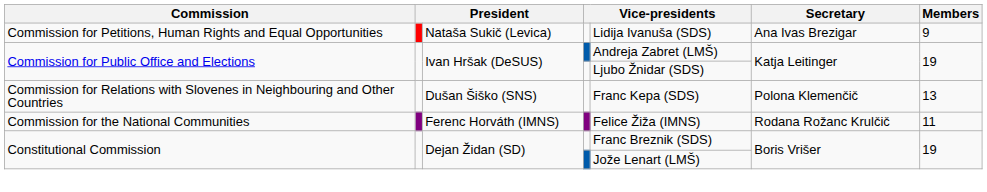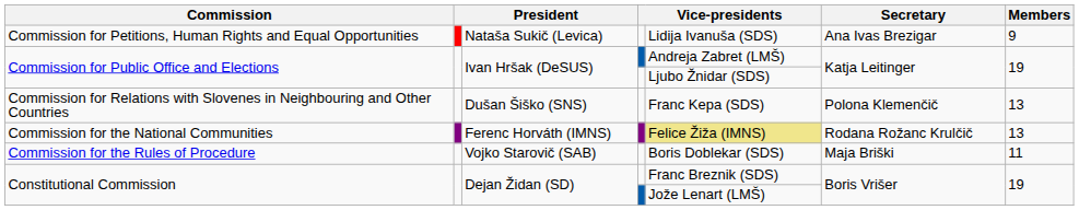 <table class="wikitable" style="line-height:16px;">
 <tr>
 <th style="width:500px;">Commission</th>
 <th colspan="2" style="width:200px;">President</th>
 <th colspan="2" style="width:200px;">Vice-presidents</th>
 <th style="width:200px;">Secretary</th>
 <th>Members</th>
 </tr>
 <tr>
 <td>Commission for Petitions, Human Rights and Equal Opportunities</td>
 <td style="background:red; width:1px;"></td>
 <td>Nataša Sukič (Levica)</td>
 <td style="width:1px;background:"></td>
 <td>Lidija Ivanuša (SDS)</td>
 <td>Ana Ivas Brezigar</td>
 <td>9</td>
 </tr>
 <tr>
 <td rowspan="2"><a href='#'>Commission for Public Office and Elections</a></td>
 <td rowspan="2" style="background:"></td>
 <td rowspan="2">Ivan Hršak (DeSUS)</td>
 <td style="background:#005bab"></td>
 <td>Andreja Zabret (LMŠ)</td>
 <td rowspan="2">Katja Leitinger</td>
 <td rowspan="2">19</td>
 </tr>
 <tr>
 <td style="background:"></td>
 <td>Ljubo Žnidar (SDS)</td>
 </tr>
 <tr>
 <td>Commission for Relations with Slovenes in Neighbouring and Other Countries</td>
 <td style="background:"></td>
 <td>Dušan Šiško (SNS)</td>
 <td style="background:"></td>
 <td>Franc Kepa (SDS)</td>
 <td>Polona Klemenčič</td>
 <td>13</td>
 </tr>
 <tr>
 <td>Commission for the National Communities</td>
 <td style="background:purple"></td>
 <td>Ferenc Horváth (IMNS)</td>
 <td style="background:purple"></td>
-<td>Felice Žiža (IMNS)</td>
+<td style="background: khaki;">Felice Žiža (IMNS)</td>
 <td>Rodana Rožanc Krulčič</td>
+<td>13</td>
+</tr>
+<tr>
+<td><a href='#'>Commission for the Rules of Procedure</a></td>
+<td style="background:"></td>
+<td>Vojko Starovič (SAB)</td>
+<td style="background:"></td>
+<td>Boris Doblekar (SDS)</td>
+<td>Maja Briški</td>
 <td>11</td>
 </tr>
 <tr>
 <td rowspan="2">Constitutional Commission</td>
 <td rowspan="2" style="background:"></td>
 <td rowspan="2">Dejan Židan (SD)</td>
 <td style="background:"></td>
 <td>Franc Breznik (SDS)</td>
 <td rowspan="2">Boris Vrišer</td>
 <td rowspan="2">19</td>
 </tr>
 <tr>
 <td style="background:#005bab"></td>
 <td>Jože Lenart (LMŠ)</td>
 </tr>
 </table>
